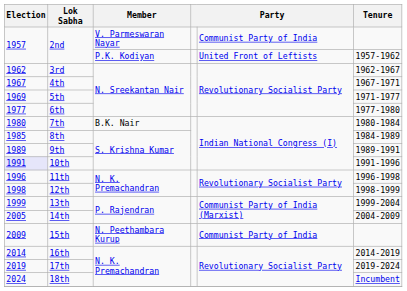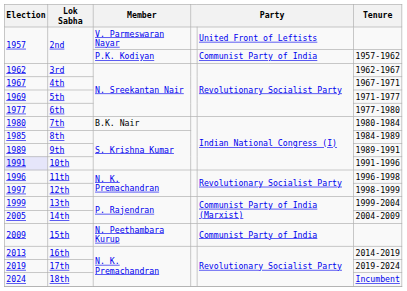 <table class="wikitable sortable" width="50%">
 <tr>
 <th>Election</th>
 <th>Lok Sabha</th>
 <th>Member</th>
 <th colspan="2">Party</th>
 <th>Tenure</th>
 </tr>
 <tr>
 <td rowspan=2><a href='#'>1957</a></td>
 <td rowspan=2><a href='#'>2nd</a></td>
 <td><a href='#'>V. Parmeswaran Nayar</a></td>
 <td bgcolor=></td>
-<td><a href='#'>Communist Party of India</a></td>
+<td><a href='#'>United Front of Leftists</a></td>
 <td></td>
 </tr>
 <tr>
 <td><a href='#'>P.K. Kodiyan</a></td>
 <td bgcolor=></td>
-<td><a href='#'>United Front of Leftists</a></td>
+<td><a href='#'>Communist Party of India</a></td>
 <td>1957-1962</td>
 </tr>
 <tr>
 <td><a href='#'>1962</a></td>
 <td><a href='#'>3rd</a></td>
 <td rowspan=4><a href='#'>N. Sreekantan Nair</a></td>
 <td rowspan="4" width="4px" style="background-color: "></td>
 <td rowspan=4><a href='#'>Revolutionary Socialist Party</a></td>
 <td>1962-1967</td>
 </tr>
 <tr>
 <td><a href='#'>1967</a></td>
 <td><a href='#'>4th</a></td>
 <td>1967-1971</td>
 </tr>
 <tr>
 <td><a href='#'>1969</a></td>
 <td><a href='#'>5th</a></td>
 <td>1971-1977</td>
 </tr>
 <tr>
 <td><a href='#'>1977</a></td>
 <td><a href='#'>6th</a></td>
 <td>1977-1980</td>
 </tr>
 <tr>
 <td><a href='#'>1980</a></td>
 <td><a href='#'>7th</a></td>
 <td>B.K. Nair</td>
 <td rowspan="4" width="4px" style="background-color: "></td>
 <td rowspan=4><a href='#'>Indian National Congress (I)</a></td>
 <td>1980-1984</td>
 </tr>
 <tr>
 <td><a href='#'>1985</a></td>
 <td><a href='#'>8th</a></td>
 <td rowspan=3><a href='#'>S. Krishna Kumar</a></td>
 <td>1984-1989</td>
 </tr>
 <tr>
 <td><a href='#'>1989</a></td>
 <td><a href='#'>9th</a></td>
 <td>1989-1991</td>
 </tr>
 <tr>
 <td style="background: lavender;"><a href='#'>1991</a></td>
 <td><a href='#'>10th</a></td>
 <td>1991-1996</td>
 </tr>
 <tr>
 <td><a href='#'>1996</a></td>
 <td><a href='#'>11th</a></td>
 <td rowspan="2"><a href='#'>N. K. Premachandran</a></td>
 <td rowspan="2" width="4px" style="background-color: "></td>
 <td rowspan="2"><a href='#'>Revolutionary Socialist Party</a></td>
 <td>1996-1998</td>
 </tr>
 <tr>
-<td><a href='#'>1998</a></td>
+<td><a href='#'>1997</a></td>
 <td><a href='#'>12th</a></td>
 <td>1998-1999</td>
 </tr>
 <tr>
 <td><a href='#'>1999</a></td>
 <td><a href='#'>13th</a></td>
 <td rowspan="2"><a href='#'>P. Rajendran</a></td>
 <td rowspan="2" width="4px" style="background-color: "></td>
 <td rowspan="2"><a href='#'>Communist Party of India (Marxist)</a></td>
 <td>1999-2004</td>
 </tr>
 <tr>
 <td><a href='#'>2005</a></td>
 <td><a href='#'>14th</a></td>
 <td>2004-2009</td>
 </tr>
 <tr>
 <td><a href='#'>2009</a></td>
 <td><a href='#'>15th</a></td>
 <td><a href='#'>N. Peethambara Kurup</a></td>
 <td></td>
 <td><a href='#'>Communist Party of India</a></td>
 </tr>
 <tr>
-<td><a href='#'>2014</a></td>
+<td><a href='#'>2013</a></td>
 <td><a href='#'>16th</a></td>
 <td rowspan="3"><a href='#'>N. K. Premachandran</a></td>
 <td rowspan="3" width="4px" style="background-color: "></td>
 <td rowspan="3"><a href='#'>Revolutionary Socialist Party</a></td>
 <td>2014-2019</td>
 </tr>
 <tr>
 <td><a href='#'>2019</a></td>
 <td><a href='#'>17th</a></td>
 <td>2019-2024</td>
 </tr>
 <tr>
 <td><a href='#'>2024</a></td>
 <td><a href='#'>18th</a></td>
 <td><a href='#'>Incumbent</a></td>
 </tr>
 <tr>
 </tr>
 </table>
